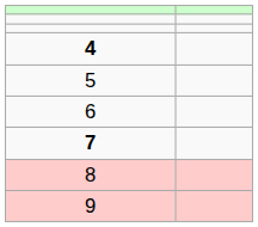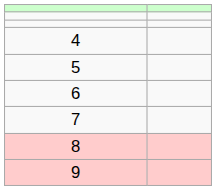 <table class="wikitable" style="width:200px;">
 <tr style="background:#ccffcc;">
 <td align=center></td>
 <td></td>
 </tr>
 <tr>
 <td align=center></td>
 <td></td>
 </tr>
 <tr>
 <td align=center></td>
 <td></td>
 </tr>
 <tr>
-<td align=center><strong>4</strong></td>
+<td align=center>4</td>
 <td></td>
 </tr>
 <tr>
 <td align=center>5</td>
 <td></td>
 </tr>
 <tr>
 <td align=center>6</td>
 <td></td>
 </tr>
 <tr>
-<td align=center><strong>7</strong></td>
+<td align=center>7</td>
 <td></td>
 </tr>
 <tr style="background:#ffcccc;">
 <td align=center>8</td>
 <td></td>
 </tr>
 <tr style="background:#ffcccc;">
 <td align=center>9</td>
 <td></td>
 </tr>
 </table>
